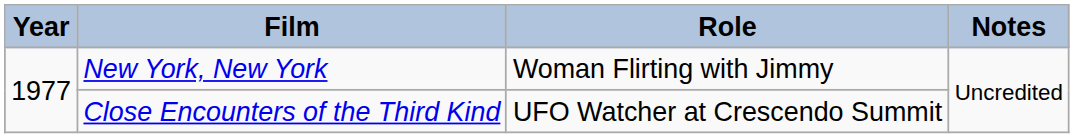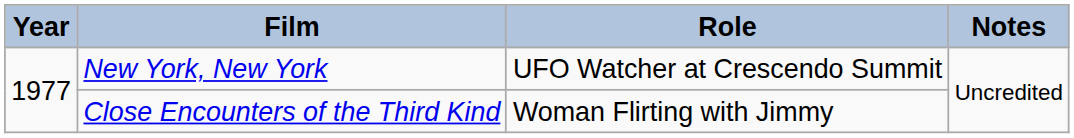 <table class="wikitable" style="font-size:95%;">
 <tr>
 <th style="background:#B0C4DE;">Year</th>
 <th style="background:#B0C4DE;">Film</th>
 <th style="background:#B0C4DE;">Role</th>
 <th style="background:#B0C4DE;">Notes</th>
 </tr>
 <tr>
 <td rowspan=2>1977</td>
 <td><em><a href='#'>New York, New York</a></em></td>
-<td>Woman Flirting with Jimmy</td>
+<td>UFO Watcher at Crescendo Summit</td>
 <td rowspan=2 style="text-align:center;"><small>Uncredited</small></td>
 </tr>
 <tr>
 <td><em><a href='#'>Close Encounters of the Third Kind</a></em></td>
-<td>UFO Watcher at Crescendo Summit</td>
+<td>Woman Flirting with Jimmy</td>
 </tr>
 </table>
